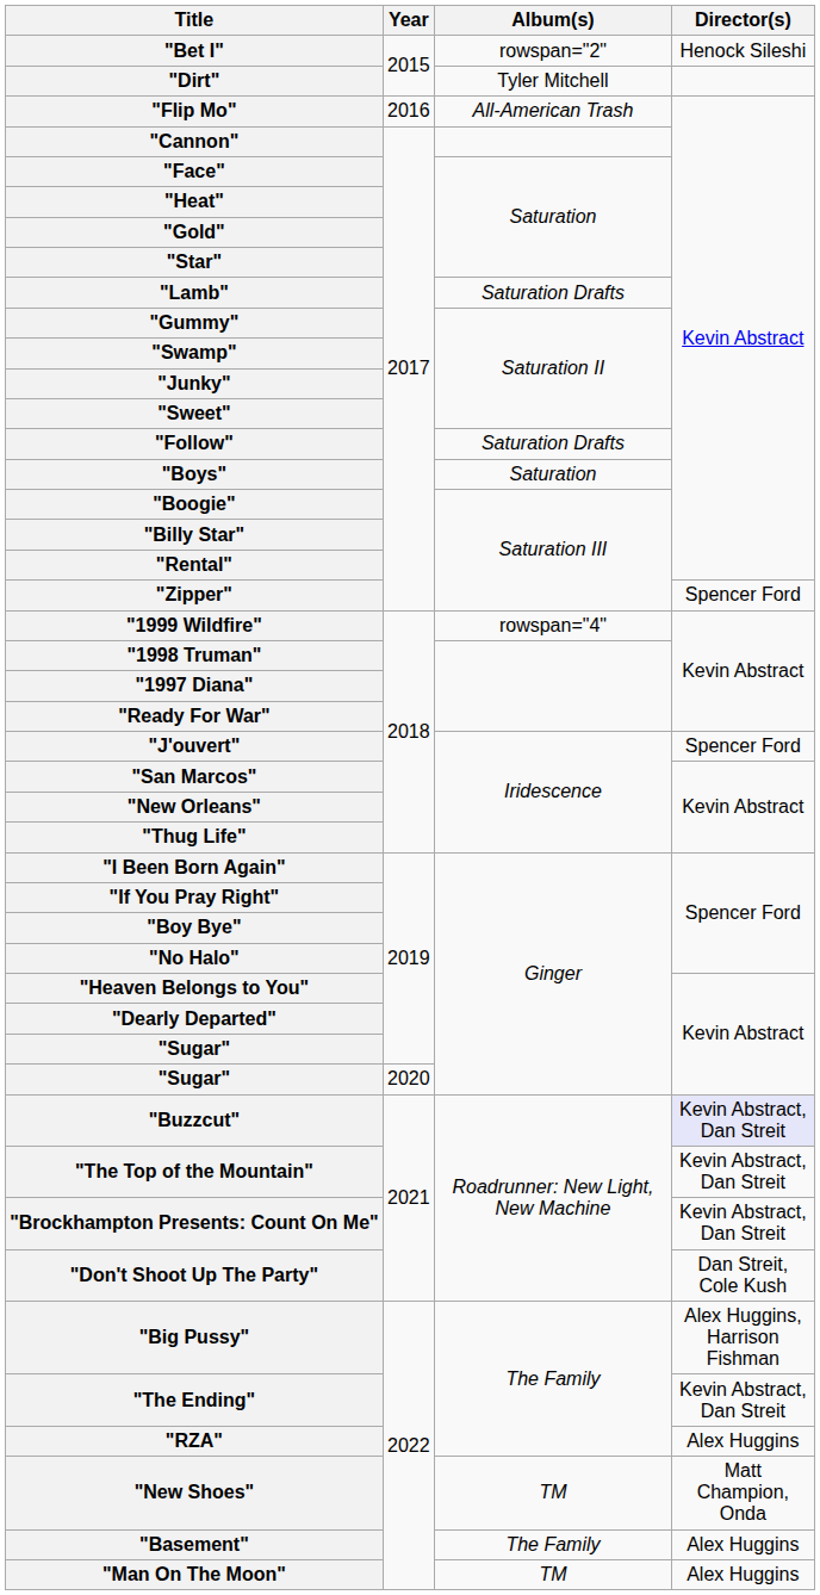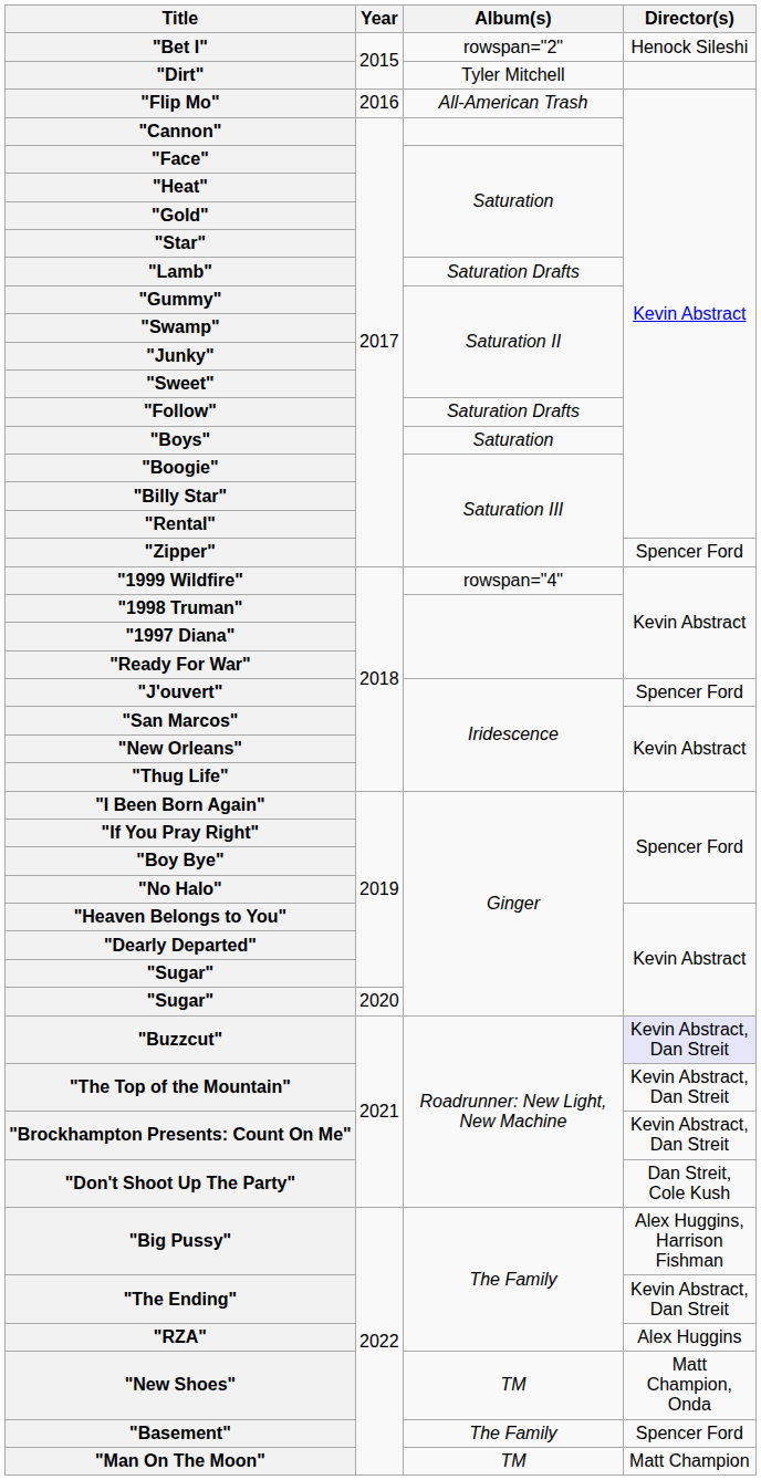 <table class="wikitable plainrowheaders" style="text-align:center">
 <tr>
 <th scope="col">Title</th>
 <th scope="col" style="width:2em;">Year</th>
 <th scope="col" style="width:12em;">Album(s)</th>
 <th scope="col" style="width:7em;">Director(s)</th>
 </tr>
 <tr>
 <th scope="row">"Bet I"</th>
 <td rowspan="2">2015</td>
 <td>rowspan="2" </td>
 <td>Henock Sileshi</td>
 </tr>
 <tr>
 <th scope="row">"Dirt"</th>
 <td>Tyler Mitchell</td>
 </tr>
 <tr>
 <th scope="row">"Flip Mo"<br></th>
 <td>2016</td>
 <td><em>All-American Trash</em></td>
 <td rowspan="16"><a href='#'>Kevin Abstract</a></td>
 </tr>
 <tr>
 <th scope="row">"Cannon"</th>
 <td rowspan="16">2017</td>
 <td></td>
 </tr>
 <tr>
 <th scope="row">"Face"</th>
 <td rowspan="4"><em>Saturation</em></td>
 </tr>
 <tr>
 <th scope="row">"Heat"</th>
 </tr>
 <tr>
 <th scope="row">"Gold"</th>
 </tr>
 <tr>
 <th scope="row">"Star"</th>
 </tr>
 <tr>
 <th scope="row">"Lamb"</th>
 <td><em>Saturation Drafts</em></td>
 </tr>
 <tr>
 <th scope="row">"Gummy"</th>
 <td rowspan="4"><em>Saturation II</em></td>
 </tr>
 <tr>
 <th scope="row">"Swamp"</th>
 </tr>
 <tr>
 <th scope="row">"Junky"</th>
 </tr>
 <tr>
 <th scope="row">"Sweet"</th>
 </tr>
 <tr>
 <th scope="row">"Follow"</th>
 <td><em>Saturation Drafts</em></td>
 </tr>
 <tr>
 <th scope="row">"Boys"</th>
 <td><em>Saturation</em></td>
 </tr>
 <tr>
 <th scope="row">"Boogie"</th>
 <td rowspan="4"><em>Saturation III</em></td>
 </tr>
 <tr>
 <th scope="row">"Billy Star"</th>
 </tr>
 <tr>
 <th scope="row">"Rental"</th>
 </tr>
 <tr>
 <th scope="row">"Zipper"</th>
 <td>Spencer Ford</td>
 </tr>
 <tr>
 <th scope="row">"1999 Wildfire"</th>
 <td rowspan="8">2018</td>
 <td>rowspan="4" </td>
 <td rowspan="4">Kevin Abstract</td>
 </tr>
 <tr>
 <th scope="row">"1998 Truman"</th>
 </tr>
 <tr>
 <th scope="row">"1997 Diana"</th>
 </tr>
 <tr>
 <th scope="row">"Ready For War"</th>
 </tr>
 <tr>
 <th scope="row">"J'ouvert"</th>
 <td rowspan="4"><em>Iridescence</em></td>
 <td>Spencer Ford</td>
 </tr>
 <tr>
 <th scope="row">"San Marcos"</th>
 <td rowspan="3">Kevin Abstract</td>
 </tr>
 <tr>
 <th scope="row">"New Orleans"</th>
 </tr>
 <tr>
 <th scope="row">"Thug Life"</th>
 </tr>
 <tr>
 <th scope="row">"I Been Born Again"</th>
 <td rowspan="7">2019</td>
 <td rowspan="8"><em>Ginger</em></td>
 <td rowspan="4">Spencer Ford</td>
 </tr>
 <tr>
 <th scope="row">"If You Pray Right"</th>
 </tr>
 <tr>
 <th scope="row">"Boy Bye"</th>
 </tr>
 <tr>
 <th scope="row">"No Halo"</th>
 </tr>
 <tr>
 <th scope="row">"Heaven Belongs to You"</th>
 <td rowspan="4">Kevin Abstract</td>
 </tr>
 <tr>
 <th scope="row">"Dearly Departed"</th>
 </tr>
 <tr>
 <th scope="row">"Sugar"</th>
 </tr>
 <tr>
 <th scope="row">"Sugar"</th>
 <td>2020</td>
 </tr>
 <tr>
 <th scope="row">"Buzzcut"<br></th>
 <td rowspan="4">2021</td>
 <td rowspan="4"><em>Roadrunner: New Light, New Machine</em></td>
 <td style="background: lavender;">Kevin Abstract, Dan Streit</td>
 </tr>
 <tr>
 <th scope="row">"The Top of the Mountain"</th>
 <td>Kevin Abstract, Dan Streit</td>
 </tr>
 <tr>
 <th scope="row">"Brockhampton Presents: Count On Me"</th>
 <td>Kevin Abstract, Dan Streit</td>
 </tr>
 <tr>
 <th scope="row">"Don't Shoot Up The Party"</th>
 <td>Dan Streit, Cole Kush</td>
 </tr>
 <tr>
 <th scope="row">"Big Pussy"</th>
 <td rowspan="6">2022</td>
 <td rowspan="3"><em>The Family</em></td>
 <td>Alex Huggins, Harrison Fishman</td>
 </tr>
 <tr>
 <th scope="row">"The Ending"</th>
 <td>Kevin Abstract, Dan Streit</td>
 </tr>
 <tr>
 <th scope="row">"RZA"</th>
 <td>Alex Huggins</td>
 </tr>
 <tr>
 <th scope="row">"New Shoes"</th>
 <td><em>TM</em></td>
 <td>Matt Champion, Onda</td>
 </tr>
 <tr>
 <th scope="row">"Basement"</th>
 <td><em>The Family</em></td>
-<td>Alex Huggins</td>
+<td>Spencer Ford</td>
 </tr>
 <tr>
 <th scope="row">"Man On The Moon"</th>
 <td><em>TM</em></td>
-<td>Alex Huggins</td>
+<td>Matt Champion</td>
 </tr>
 </table>
